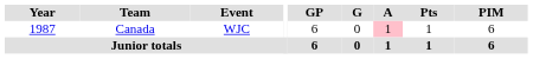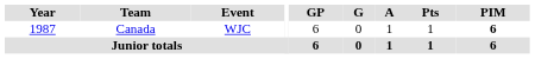 <table border="0" cellpadding="1" cellspacing="0" ID="Table3" style="text-align:center; width:40em">
 <tr bgcolor="#e0e0e0">
 <th>Year</th>
 <th>Team</th>
 <th>Event</th>
 <th rowspan="102" bgcolor="#ffffff"></th>
 <th>GP</th>
 <th>G</th>
 <th>A</th>
 <th>Pts</th>
 <th>PIM</th>
 </tr>
 <tr>
 <td><a href='#'>1987</a></td>
 <td><a href='#'>Canada</a></td>
 <td><a href='#'>WJC</a></td>
 <td>6</td>
 <td>0</td>
-<td style="background: pink;">1</td>
 <td>1</td>
-<td>6</td>
+<td>1</td>
+<td><strong>6</strong></td>
 </tr>
 <tr bgcolor="#e0e0e0">
 <th colspan="4">Junior totals</th>
 <th>6</th>
 <th>0</th>
 <th>1</th>
 <th>1</th>
 <th>6</th>
 </tr>
 </table>
